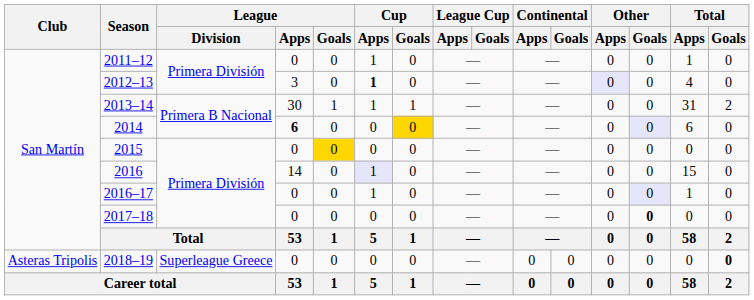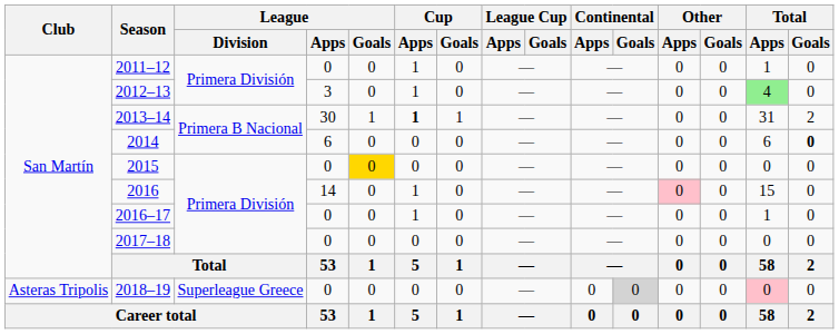 <table class="wikitable" style="text-align:center">
 <tr>
 <th rowspan="2">Club</th>
 <th rowspan="2">Season</th>
 <th colspan="3">League</th>
 <th colspan="2">Cup</th>
 <th colspan="2">League Cup</th>
 <th colspan="2">Continental</th>
 <th colspan="2">Other</th>
 <th colspan="2">Total</th>
 </tr>
 <tr>
 <th>Division</th>
 <th>Apps</th>
 <th>Goals</th>
 <th>Apps</th>
 <th>Goals</th>
 <th>Apps</th>
 <th>Goals</th>
 <th>Apps</th>
 <th>Goals</th>
 <th>Apps</th>
 <th>Goals</th>
 <th>Apps</th>
 <th>Goals</th>
 </tr>
 <tr>
 <td rowspan="9"><a href='#'>San Martín</a></td>
 <td><a href='#'>2011–12</a></td>
 <td rowspan="2"><a href='#'>Primera División</a></td>
 <td>0</td>
 <td>0</td>
 <td>1</td>
 <td>0</td>
 <td colspan="2">—</td>
 <td colspan="2">—</td>
 <td>0</td>
 <td>0</td>
 <td>1</td>
 <td>0</td>
 </tr>
 <tr>
 <td><a href='#'>2012–13</a></td>
 <td>3</td>
 <td>0</td>
-<td><strong>1</strong></td>
+<td>1</td>
 <td>0</td>
 <td colspan="2">—</td>
 <td colspan="2">—</td>
-<td style="background: lavender;">0</td>
 <td>0</td>
-<td>4</td>
+<td>0</td>
+<td style="background: lightgreen;">4</td>
 <td>0</td>
 </tr>
 <tr>
 <td><a href='#'>2013–14</a></td>
 <td rowspan="2"><a href='#'>Primera B Nacional</a></td>
 <td>30</td>
 <td>1</td>
-<td>1</td>
+<td><strong>1</strong></td>
 <td>1</td>
 <td colspan="2">—</td>
 <td colspan="2">—</td>
 <td>0</td>
 <td>0</td>
 <td>31</td>
 <td>2</td>
 </tr>
 <tr>
 <td><a href='#'>2014</a></td>
-<td><strong>6</strong></td>
+<td>6</td>
 <td>0</td>
 <td>0</td>
-<td style="background: gold;">0</td>
+<td>0</td>
 <td colspan="2">—</td>
 <td colspan="2">—</td>
 <td>0</td>
-<td style="background: lavender;">0</td>
+<td>0</td>
 <td>6</td>
-<td>0</td>
+<td><strong>0</strong></td>
 </tr>
 <tr>
 <td><a href='#'>2015</a></td>
 <td rowspan="4"><a href='#'>Primera División</a></td>
 <td>0</td>
 <td style="background: gold;">0</td>
 <td>0</td>
 <td>0</td>
 <td colspan="2">—</td>
 <td colspan="2">—</td>
 <td>0</td>
 <td>0</td>
 <td>0</td>
 <td>0</td>
 </tr>
 <tr>
 <td><a href='#'>2016</a></td>
 <td>14</td>
 <td>0</td>
-<td style="background: lavender;">1</td>
+<td>1</td>
 <td>0</td>
 <td colspan="2">—</td>
 <td colspan="2">—</td>
-<td>0</td>
+<td style="background: pink;">0</td>
 <td>0</td>
 <td>15</td>
 <td>0</td>
 </tr>
 <tr>
 <td><a href='#'>2016–17</a></td>
 <td>0</td>
 <td>0</td>
 <td>1</td>
 <td>0</td>
 <td colspan="2">—</td>
 <td colspan="2">—</td>
 <td>0</td>
-<td style="background: lavender;">0</td>
+<td>0</td>
 <td>1</td>
 <td>0</td>
 </tr>
 <tr>
 <td><a href='#'>2017–18</a></td>
 <td>0</td>
 <td>0</td>
 <td>0</td>
 <td>0</td>
 <td colspan="2">—</td>
 <td colspan="2">—</td>
 <td>0</td>
-<td><strong>0</strong></td>
+<td>0</td>
 <td>0</td>
 <td>0</td>
 </tr>
 <tr>
 <th colspan="2">Total</th>
 <th>53</th>
 <th>1</th>
 <th>5</th>
 <th>1</th>
 <th colspan="2">—</th>
 <th colspan="2">—</th>
 <th>0</th>
 <th>0</th>
 <th>58</th>
 <th>2</th>
 </tr>
 <tr>
 <td rowspan="1"><a href='#'>Asteras Tripolis</a></td>
 <td><a href='#'>2018–19</a></td>
 <td rowspan="1"><a href='#'>Superleague Greece</a></td>
 <td>0</td>
 <td>0</td>
 <td>0</td>
 <td>0</td>
 <td colspan="2">—</td>
 <td>0</td>
+<td style="background: lightgrey;">0</td>
 <td>0</td>
 <td>0</td>
+<td style="background: pink;">0</td>
 <td>0</td>
-<td>0</td>
-<td><strong>0</strong></td>
 </tr>
 <tr>
 <th colspan="3">Career total</th>
 <th>53</th>
 <th>1</th>
 <th>5</th>
 <th>1</th>
 <th colspan="2">—</th>
 <th>0</th>
 <th>0</th>
 <th>0</th>
 <th>0</th>
 <th>58</th>
 <th>2</th>
 </tr>
 </table>
